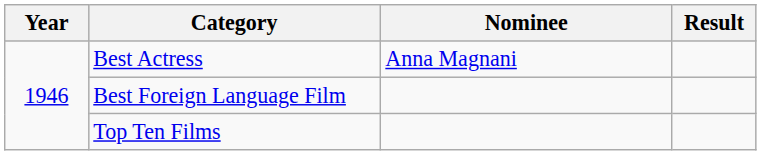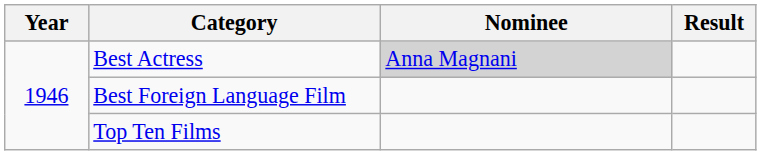 <table class="wikitable plainrowheaders sortable" cellpadding="4" style="font-size: 95%">
 <tr>
 <th width="10%">Year</th>
 <th width="35%">Category</th>
 <th width="35%">Nominee</th>
 <th width="10%">Result</th>
 </tr>
 <tr>
 <td style="text-align:center;" rowspan="3"><a href='#'>1946</a></td>
 <td><a href='#'>Best Actress</a></td>
-<td><a href='#'>Anna Magnani</a></td>
+<td style="background: lightgrey;"><a href='#'>Anna Magnani</a></td>
 <td></td>
 </tr>
 <tr>
 <td><a href='#'>Best Foreign Language Film</a></td>
 <td></td>
 <td></td>
 </tr>
 <tr>
 <td><a href='#'>Top Ten Films</a></td>
 <td></td>
 <td></td>
 </tr>
 </table>
